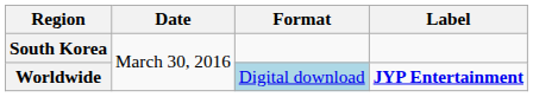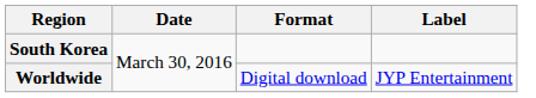 <table class="wikitable plainrowheaders">
 <tr>
 <th>Region</th>
 <th>Date</th>
 <th>Format</th>
 <th>Label</th>
 </tr>
 <tr>
 <th scope="row">South Korea</th>
 <td rowspan="2">March 30, 2016</td>
 <td></td>
 <td></td>
 </tr>
 <tr>
 <th scope="row">Worldwide</th>
-<td style="background: lightblue;"><a href='#'>Digital download</a></td>
-<td><strong><a href='#'>JYP Entertainment</a></strong></td>
+<td><a href='#'>Digital download</a></td>
+<td><a href='#'>JYP Entertainment</a></td>
 </tr>
 </table>
